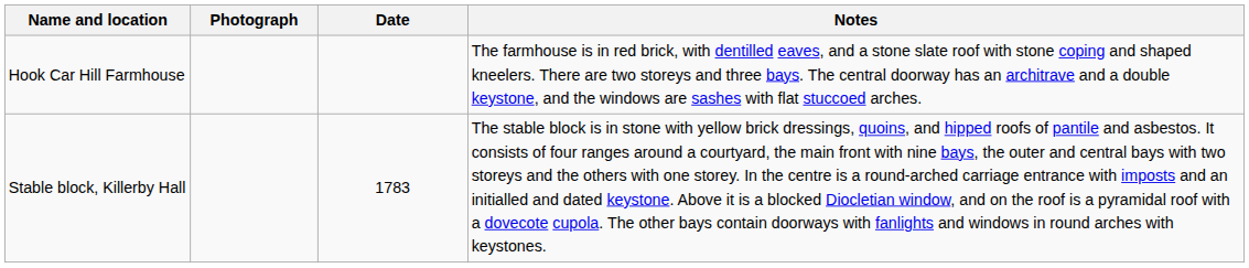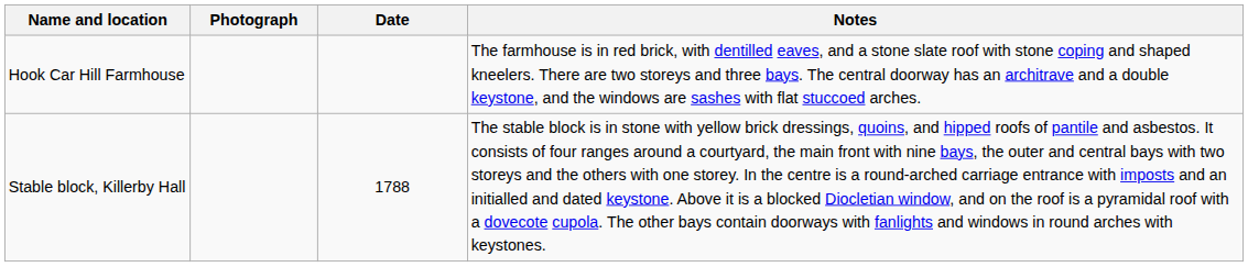 <table class="wikitable sortable plainrowheaders" style="width:100%;border:0px;text-align:left;line-height:150%;">
 <tr>
 <th scope="col"  style="width:150px">Name and location</th>
 <th scope="col"  style="width:100px" class="unsortable">Photograph</th>
 <th scope="col"  style="width:120px">Date</th>
 <th scope="col"  style="width:650px" class="unsortable">Notes</th>
 </tr>
 <tr>
 <td>Hook Car Hill Farmhouse<br><small></small></td>
 <td></td>
 <td align="center"></td>
 <td>The farmhouse is in red brick, with <a href='#'>dentilled</a> <a href='#'>eaves</a>, and a stone slate roof with stone <a href='#'>coping</a> and shaped kneelers. There are two storeys and three <a href='#'>bays</a>. The central doorway has an <a href='#'>architrave</a> and a double <a href='#'>keystone</a>, and the windows are <a href='#'>sashes</a> with flat <a href='#'>stuccoed</a> arches.</td>
 </tr>
 <tr>
 <td>Stable block, Killerby Hall<br><small></small></td>
 <td></td>
-<td align="center">1783</td>
+<td align="center">1788</td>
 <td>The stable block is in stone with yellow brick dressings, <a href='#'>quoins</a>, and <a href='#'>hipped</a> roofs of <a href='#'>pantile</a> and asbestos. It consists of four ranges around a courtyard, the main front with nine <a href='#'>bays</a>, the outer and central bays with two storeys and the others with one storey. In the centre is a round-arched carriage entrance with <a href='#'>imposts</a> and an initialled and dated <a href='#'>keystone</a>. Above it is a blocked <a href='#'>Diocletian window</a>, and on the roof is a pyramidal roof with a <a href='#'>dovecote</a> <a href='#'>cupola</a>. The other bays contain doorways with <a href='#'>fanlights</a> and windows in round arches with keystones.</td>
 </tr>
 <tr>
 </tr>
 </table>
